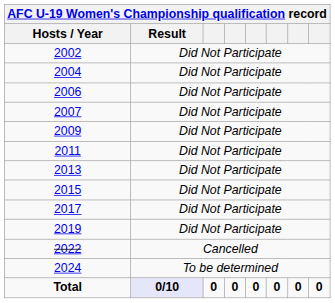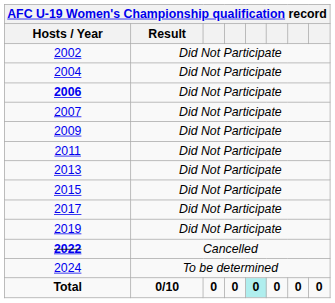 <table class="wikitable" style="text-align: center;">
 <tr>
 <th colspan=9><a href='#'>AFC U-19 Women's Championship qualification</a> record</th>
 </tr>
 <tr>
 <th>Hosts / Year</th>
 <th>Result</th>
 <th width=20></th>
 <th width=20></th>
 <th width=20></th>
 <th width=20></th>
 <th width=20></th>
 <th width=20></th>
 </tr>
 <tr>
 <td> <a href='#'>2002</a></td>
 <td colspan=10><em>Did Not Participate</em></td>
 </tr>
 <tr>
 <td> <a href='#'>2004</a></td>
 <td colspan=10><em>Did Not Participate</em></td>
 </tr>
 <tr>
-<td><a href='#'>2006</a></td>
+<td><strong><a href='#'>2006</a></strong></td>
 <td colspan=10><em>Did Not Participate</em></td>
 </tr>
 <tr>
 <td> <a href='#'>2007</a></td>
 <td colspan=10><em>Did Not Participate</em></td>
 </tr>
 <tr>
 <td> <a href='#'>2009</a></td>
 <td colspan=10><em>Did Not Participate</em></td>
 </tr>
 <tr>
 <td><a href='#'>2011</a></td>
 <td colspan=10><em>Did Not Participate</em></td>
 </tr>
 <tr>
 <td><a href='#'>2013</a></td>
 <td colspan=10><em>Did Not Participate</em></td>
 </tr>
 <tr>
 <td> <a href='#'>2015</a></td>
 <td colspan=10><em>Did Not Participate</em></td>
 </tr>
 <tr>
 <td> <a href='#'>2017</a></td>
 <td colspan=10><em>Did Not Participate</em></td>
 </tr>
 <tr>
 <td><a href='#'>2019</a></td>
 <td colspan=10><em>Did Not Participate</em></td>
 </tr>
 <tr>
-<td><s><a href='#'>2022</a></s></td>
+<td><strong><s><a href='#'>2022</a></s></strong></td>
 <td colspan=10><em>Cancelled</em></td>
 </tr>
 <tr>
 <td> <a href='#'>2024</a></td>
 <td colspan=10><em>To be determined</em></td>
 </tr>
 <tr>
 <td><strong>Total</strong></td>
-<td style="background: lavender;"><strong>0/10</strong></td>
+<td><strong>0/10</strong></td>
 <td><strong>0</strong></td>
 <td><strong>0</strong></td>
-<td><strong>0</strong></td>
+<td style="background: paleturquoise;"><strong>0</strong></td>
 <td><strong>0</strong></td>
 <td><strong>0</strong></td>
 <td><strong>0</strong></td>
 </tr>
 </table>
